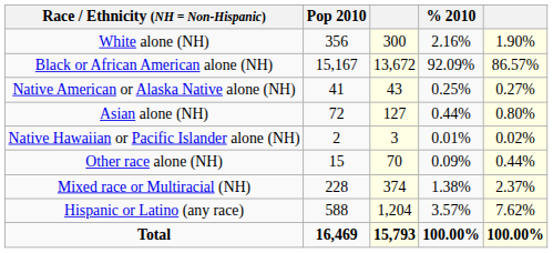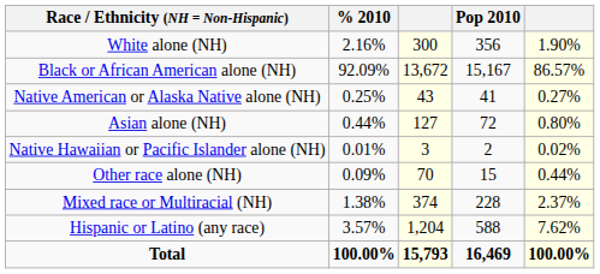 <table class="wikitable" style="text-align:center;">
 <tr>
 <th>Race / Ethnicity <small>(<em>NH = Non-Hispanic</em>)</small></th>
+<th>% 2010</th>
+<th></th>
 <th>Pop 2010</th>
-<th></th>
-<th>% 2010</th>
 <th></th>
 </tr>
 <tr>
 <td><a href='#'>White</a> alone (NH)</td>
+<td>2.16%</td>
+<td style='background: #ffffe6;'>300</td>
 <td>356</td>
-<td style='background: #ffffe6;'>300</td>
-<td>2.16%</td>
 <td style='background: #ffffe6;'>1.90%</td>
 </tr>
 <tr>
 <td><a href='#'>Black or African American</a> alone (NH)</td>
+<td>92.09%</td>
+<td style='background: #ffffe6;'>13,672</td>
 <td>15,167</td>
-<td style='background: #ffffe6;'>13,672</td>
-<td>92.09%</td>
 <td style='background: #ffffe6;'>86.57%</td>
 </tr>
 <tr>
 <td><a href='#'>Native American</a> or <a href='#'>Alaska Native</a> alone (NH)</td>
+<td>0.25%</td>
+<td style='background: #ffffe6;'>43</td>
 <td>41</td>
-<td style='background: #ffffe6;'>43</td>
-<td>0.25%</td>
 <td style='background: #ffffe6;'>0.27%</td>
 </tr>
 <tr>
 <td><a href='#'>Asian</a> alone (NH)</td>
+<td>0.44%</td>
+<td style='background: #ffffe6;'>127</td>
 <td>72</td>
-<td style='background: #ffffe6;'>127</td>
-<td>0.44%</td>
 <td style='background: #ffffe6;'>0.80%</td>
 </tr>
 <tr>
 <td><a href='#'>Native Hawaiian</a> or <a href='#'>Pacific Islander</a> alone (NH)</td>
+<td>0.01%</td>
+<td style='background: #ffffe6;'>3</td>
 <td>2</td>
-<td style='background: #ffffe6;'>3</td>
-<td>0.01%</td>
 <td style='background: #ffffe6;'>0.02%</td>
 </tr>
 <tr>
 <td><a href='#'>Other race</a> alone (NH)</td>
+<td>0.09%</td>
+<td style='background: #ffffe6;'>70</td>
 <td>15</td>
-<td style='background: #ffffe6;'>70</td>
-<td>0.09%</td>
 <td style='background: #ffffe6;'>0.44%</td>
 </tr>
 <tr>
 <td><a href='#'>Mixed race or Multiracial</a> (NH)</td>
+<td>1.38%</td>
+<td style='background: #ffffe6;'>374</td>
 <td>228</td>
-<td style='background: #ffffe6;'>374</td>
-<td>1.38%</td>
 <td style='background: #ffffe6;'>2.37%</td>
 </tr>
 <tr>
 <td><a href='#'>Hispanic or Latino</a> (any race)</td>
+<td>3.57%</td>
+<td style='background: #ffffe6;'>1,204</td>
 <td>588</td>
-<td style='background: #ffffe6;'>1,204</td>
-<td>3.57%</td>
 <td style='background: #ffffe6;'>7.62%</td>
 </tr>
 <tr>
 <td><strong>Total</strong></td>
+<td><strong>100.00%</strong></td>
+<td style='background: #ffffe6;'><strong>15,793</strong></td>
 <td><strong>16,469</strong></td>
-<td style='background: #ffffe6;'><strong>15,793</strong></td>
-<td><strong>100.00%</strong></td>
 <td style='background: #ffffe6;'><strong>100.00%</strong></td>
 </tr>
 </table>
